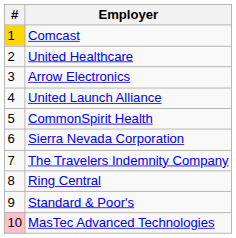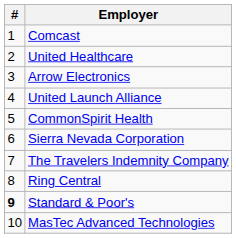 <table class="wikitable">
 <tr>
 <th>#</th>
 <th>Employer</th>
 </tr>
 <tr>
-<td style="background: gold;">1</td>
+<td>1</td>
 <td><a href='#'>Comcast</a></td>
 </tr>
 <tr>
 <td>2</td>
 <td><a href='#'>United Healthcare</a></td>
 </tr>
 <tr>
 <td>3</td>
 <td><a href='#'>Arrow Electronics</a></td>
 </tr>
 <tr>
 <td>4</td>
 <td><a href='#'>United Launch Alliance</a></td>
 </tr>
 <tr>
 <td>5</td>
 <td><a href='#'>CommonSpirit Health</a></td>
 </tr>
 <tr>
 <td>6</td>
 <td><a href='#'>Sierra Nevada Corporation</a></td>
 </tr>
 <tr>
 <td>7</td>
 <td><a href='#'>The Travelers Indemnity Company</a></td>
 </tr>
 <tr>
 <td>8</td>
 <td><a href='#'>Ring Central</a></td>
 </tr>
 <tr>
-<td>9</td>
+<td><strong>9</strong></td>
 <td><a href='#'>Standard & Poor's</a></td>
 </tr>
 <tr>
-<td style="background: pink;">10</td>
+<td>10</td>
 <td><a href='#'>MasTec Advanced Technologies</a></td>
 </tr>
 </table>
